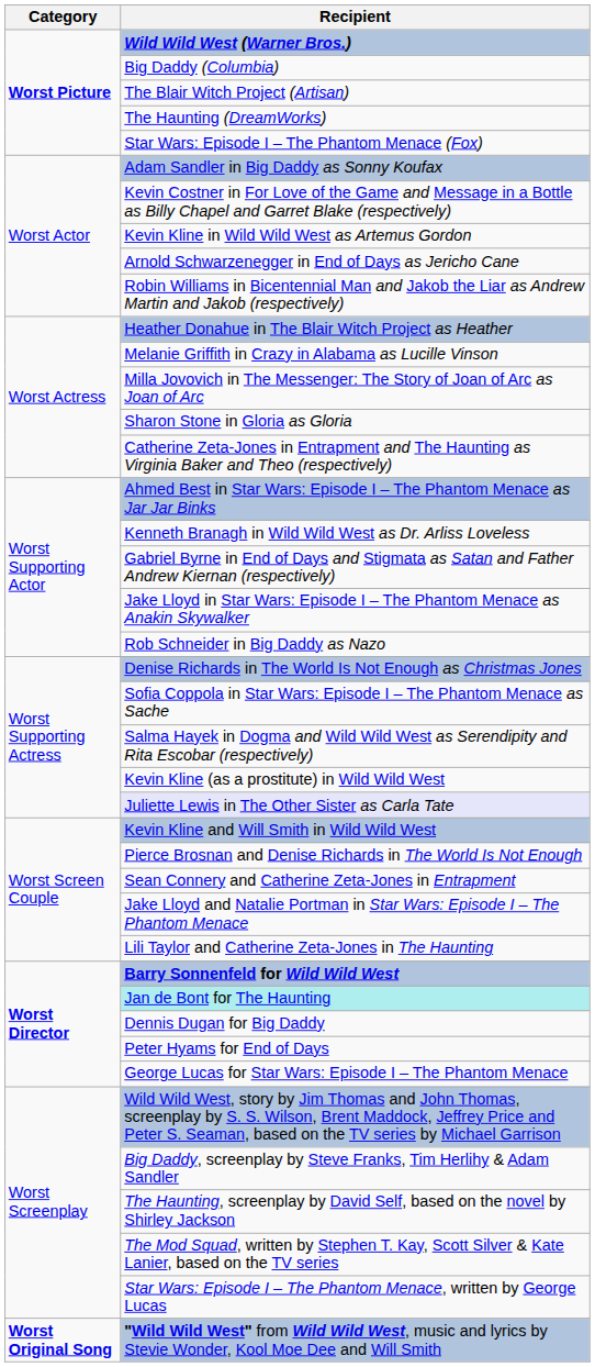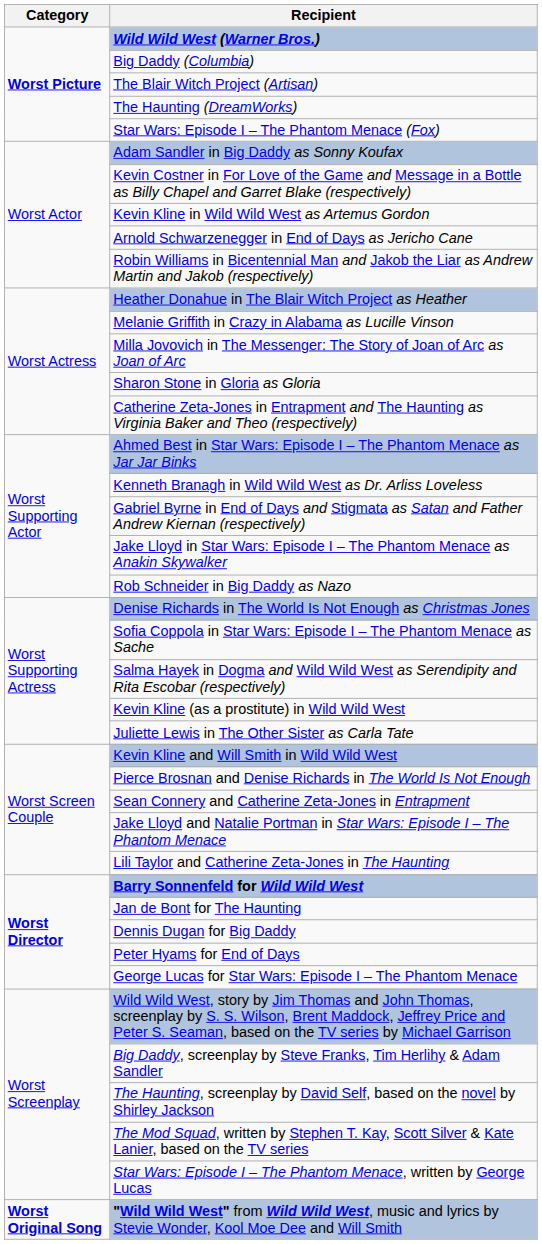 <table class="wikitable" width="95%" align="centre">
 <tr>
 <th>Category</th>
 <th>Recipient</th>
 </tr>
 <tr>
 <td rowspan=5><strong><a href='#'>Worst Picture</a></strong></td>
 <td style="background:#B0C4DE;"><strong><em><a href='#'>Wild Wild West</a><em> (<a href='#'>Warner Bros.</a>)<strong></td>
 </tr>
 <tr>
 <td></em><a href='#'>Big Daddy</a><em> (<a href='#'>Columbia</a>)</td>
 </tr>
 <tr>
 <td></em><a href='#'>The Blair Witch Project</a><em> (<a href='#'>Artisan</a>)</td>
 </tr>
 <tr>
 <td></em><a href='#'>The Haunting</a><em> (<a href='#'>DreamWorks</a>)</td>
 </tr>
 <tr>
 <td></em><a href='#'>Star Wars: Episode I – The Phantom Menace</a><em> (<a href='#'>Fox</a>)</td>
 </tr>
 <tr>
 <td rowspan=5></strong><a href='#'>Worst Actor</a><strong></td>
 <td style="background:#B0C4DE;"></strong><a href='#'>Adam Sandler</a> in </em><a href='#'>Big Daddy</a><em> as Sonny Koufax<strong></td>
 </tr>
 <tr>
 <td><a href='#'>Kevin Costner</a> in </em><a href='#'>For Love of the Game</a><em> and </em><a href='#'>Message in a Bottle</a><em> as Billy Chapel and Garret Blake (respectively)</td>
 </tr>
 <tr>
 <td><a href='#'>Kevin Kline</a> in </em><a href='#'>Wild Wild West</a><em> as Artemus Gordon</td>
 </tr>
 <tr>
 <td><a href='#'>Arnold Schwarzenegger</a> in </em><a href='#'>End of Days</a><em> as Jericho Cane</td>
 </tr>
 <tr>
 <td><a href='#'>Robin Williams</a> in </em><a href='#'>Bicentennial Man</a><em> and </em><a href='#'>Jakob the Liar</a><em> as Andrew Martin and Jakob (respectively)</td>
 </tr>
 <tr>
 <td rowspan=5></strong><a href='#'>Worst Actress</a><strong></td>
 <td style="background:#B0C4DE;"></strong><a href='#'>Heather Donahue</a> in </em><a href='#'>The Blair Witch Project</a><em> as Heather<strong></td>
 </tr>
 <tr>
 <td><a href='#'>Melanie Griffith</a> in </em><a href='#'>Crazy in Alabama</a><em> as Lucille Vinson</td>
 </tr>
 <tr>
 <td><a href='#'>Milla Jovovich</a> in </em><a href='#'>The Messenger: The Story of Joan of Arc</a><em> as <a href='#'>Joan of Arc</a></td>
 </tr>
 <tr>
 <td><a href='#'>Sharon Stone</a> in </em><a href='#'>Gloria</a><em> as Gloria</td>
 </tr>
 <tr>
 <td><a href='#'>Catherine Zeta-Jones</a> in </em><a href='#'>Entrapment</a><em> and </em><a href='#'>The Haunting</a><em> as Virginia Baker and Theo (respectively)</td>
 </tr>
 <tr>
 <td rowspan=5></strong><a href='#'>Worst Supporting Actor</a><strong></td>
 <td style="background:#B0C4DE;"></strong><a href='#'>Ahmed Best</a> in </em><a href='#'>Star Wars: Episode I – The Phantom Menace</a><em> as <a href='#'>Jar Jar Binks</a><strong></td>
 </tr>
 <tr>
 <td><a href='#'>Kenneth Branagh</a> in </em><a href='#'>Wild Wild West</a><em> as Dr. Arliss Loveless</td>
 </tr>
 <tr>
 <td><a href='#'>Gabriel Byrne</a> in </em><a href='#'>End of Days</a><em> and </em><a href='#'>Stigmata</a><em> as <a href='#'>Satan</a> and Father Andrew Kiernan (respectively)</td>
 </tr>
 <tr>
 <td><a href='#'>Jake Lloyd</a> in </em><a href='#'>Star Wars: Episode I – The Phantom Menace</a><em> as <a href='#'>Anakin Skywalker</a></td>
 </tr>
 <tr>
 <td><a href='#'>Rob Schneider</a> in </em><a href='#'>Big Daddy</a><em> as Nazo</td>
 </tr>
 <tr>
 <td rowspan=5></strong><a href='#'>Worst Supporting Actress</a><strong></td>
 <td style="background:#B0C4DE;"></strong><a href='#'>Denise Richards</a> in </em><a href='#'>The World Is Not Enough</a><em> as <a href='#'>Christmas Jones</a><strong></td>
 </tr>
 <tr>
 <td><a href='#'>Sofia Coppola</a> in </em><a href='#'>Star Wars: Episode I – The Phantom Menace</a><em> as Sache</td>
 </tr>
 <tr>
 <td><a href='#'>Salma Hayek</a> in </em><a href='#'>Dogma</a><em> and </em><a href='#'>Wild Wild West</a><em> as Serendipity and Rita Escobar (respectively)</td>
 </tr>
 <tr>
 <td><a href='#'>Kevin Kline</a> (as a prostitute) in </em><a href='#'>Wild Wild West</a><em></td>
 </tr>
 <tr>
-<td style="background: lavender;"><a href='#'>Juliette Lewis</a> in </em><a href='#'>The Other Sister</a><em> as Carla Tate</td>
+<td><a href='#'>Juliette Lewis</a> in </em><a href='#'>The Other Sister</a><em> as Carla Tate</td>
 </tr>
 <tr>
 <td rowspan=5></strong><a href='#'>Worst Screen Couple</a><strong></td>
 <td style="background:#B0C4DE;"></strong><a href='#'>Kevin Kline</a> and <a href='#'>Will Smith</a> in </em><a href='#'>Wild Wild West</a></em></strong></td>
 </tr>
 <tr>
 <td><a href='#'>Pierce Brosnan</a> and <a href='#'>Denise Richards</a> in <em><a href='#'>The World Is Not Enough</a></em></td>
 </tr>
 <tr>
 <td><a href='#'>Sean Connery</a> and <a href='#'>Catherine Zeta-Jones</a> in <em><a href='#'>Entrapment</a></em></td>
 </tr>
 <tr>
 <td><a href='#'>Jake Lloyd</a> and <a href='#'>Natalie Portman</a> in <em><a href='#'>Star Wars: Episode I – The Phantom Menace</a></em></td>
 </tr>
 <tr>
 <td><a href='#'>Lili Taylor</a> and <a href='#'>Catherine Zeta-Jones</a> in <em><a href='#'>The Haunting</a></em></td>
 </tr>
 <tr>
 <td rowspan=5><strong><a href='#'>Worst Director</a></strong></td>
 <td style="background:#B0C4DE;"><strong><a href='#'>Barry Sonnenfeld</a> for <em><a href='#'>Wild Wild West</a><strong><em></td>
 </tr>
 <tr>
-<td style="background: paleturquoise;"><a href='#'>Jan de Bont</a> for </em><a href='#'>The Haunting</a><em></td>
+<td><a href='#'>Jan de Bont</a> for </em><a href='#'>The Haunting</a><em></td>
 </tr>
 <tr>
 <td><a href='#'>Dennis Dugan</a> for </em><a href='#'>Big Daddy</a><em></td>
 </tr>
 <tr>
 <td><a href='#'>Peter Hyams</a> for </em><a href='#'>End of Days</a><em></td>
 </tr>
 <tr>
 <td><a href='#'>George Lucas</a> for </em><a href='#'>Star Wars: Episode I – The Phantom Menace</a><em></td>
 </tr>
 <tr>
 <td rowspan=5></strong><a href='#'>Worst Screenplay</a><strong></td>
 <td style="background:#B0C4DE;"></em></strong><a href='#'>Wild Wild West</a></em>, story by <a href='#'>Jim Thomas</a> and <a href='#'>John Thomas</a>, screenplay by <a href='#'>S. S. Wilson</a>, <a href='#'>Brent Maddock</a>, <a href='#'>Jeffrey Price and Peter S. Seaman</a>, based on the <a href='#'>TV series</a> by <a href='#'>Michael Garrison</a></strong></td>
 </tr>
 <tr>
 <td><em><a href='#'>Big Daddy</a></em>, screenplay by <a href='#'>Steve Franks</a>, <a href='#'>Tim Herlihy</a> & <a href='#'>Adam Sandler</a></td>
 </tr>
 <tr>
 <td><em><a href='#'>The Haunting</a></em>, screenplay by <a href='#'>David Self</a>, based on the <a href='#'>novel</a> by <a href='#'>Shirley Jackson</a></td>
 </tr>
 <tr>
 <td><em><a href='#'>The Mod Squad</a></em>, written by <a href='#'>Stephen T. Kay</a>, <a href='#'>Scott Silver</a> & <a href='#'>Kate Lanier</a>, based on the <a href='#'>TV series</a></td>
 </tr>
 <tr>
 <td><em><a href='#'>Star Wars: Episode I – The Phantom Menace</a></em>, written by <a href='#'>George Lucas</a></td>
 </tr>
 <tr>
 <td rowspan=1><strong><a href='#'>Worst Original Song</a></strong></td>
 <td style="background:#B0C4DE;"><strong>"<a href='#'>Wild Wild West</a>"</strong> from <strong><em><a href='#'>Wild Wild West</a></em></strong>, music and lyrics by <a href='#'>Stevie Wonder</a>, <a href='#'>Kool Moe Dee</a> and <a href='#'>Will Smith</a></td>
 </tr>
 </table>
